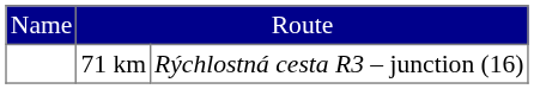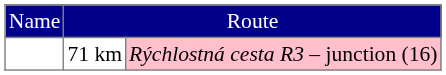 <table border=1 cellpadding=2 style="margin-left:1em; margin-bottom: 1em; color: black; border-collapse: collapse; font-size: 95%;">
 <tr align="center" bgcolor="00008B" style="color: white;">
 <td>Name</td>
 <td colspan=2>Route</td>
 </tr>
 <tr>
 <td></td>
 <td align="right">71 km</td>
-<td>  <em>Rýchlostná cesta R3</em> –  junction  (16)</td>
+<td style="background: pink;">  <em>Rýchlostná cesta R3</em> –  junction  (16)</td>
 </tr>
 </table>
